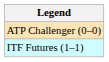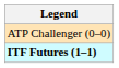 <table class=wikitable style=font-size:97%>
 <tr>
 <th>Legend</th>
 </tr>
 <tr bgcolor=moccasin>
 <td>ATP Challenger (0–0)</td>
 </tr>
 <tr bgcolor=cffcff>
-<td>ITF Futures (1–1)</td>
+<td><strong>ITF Futures (1–1)</strong></td>
 </tr>
 </table>
